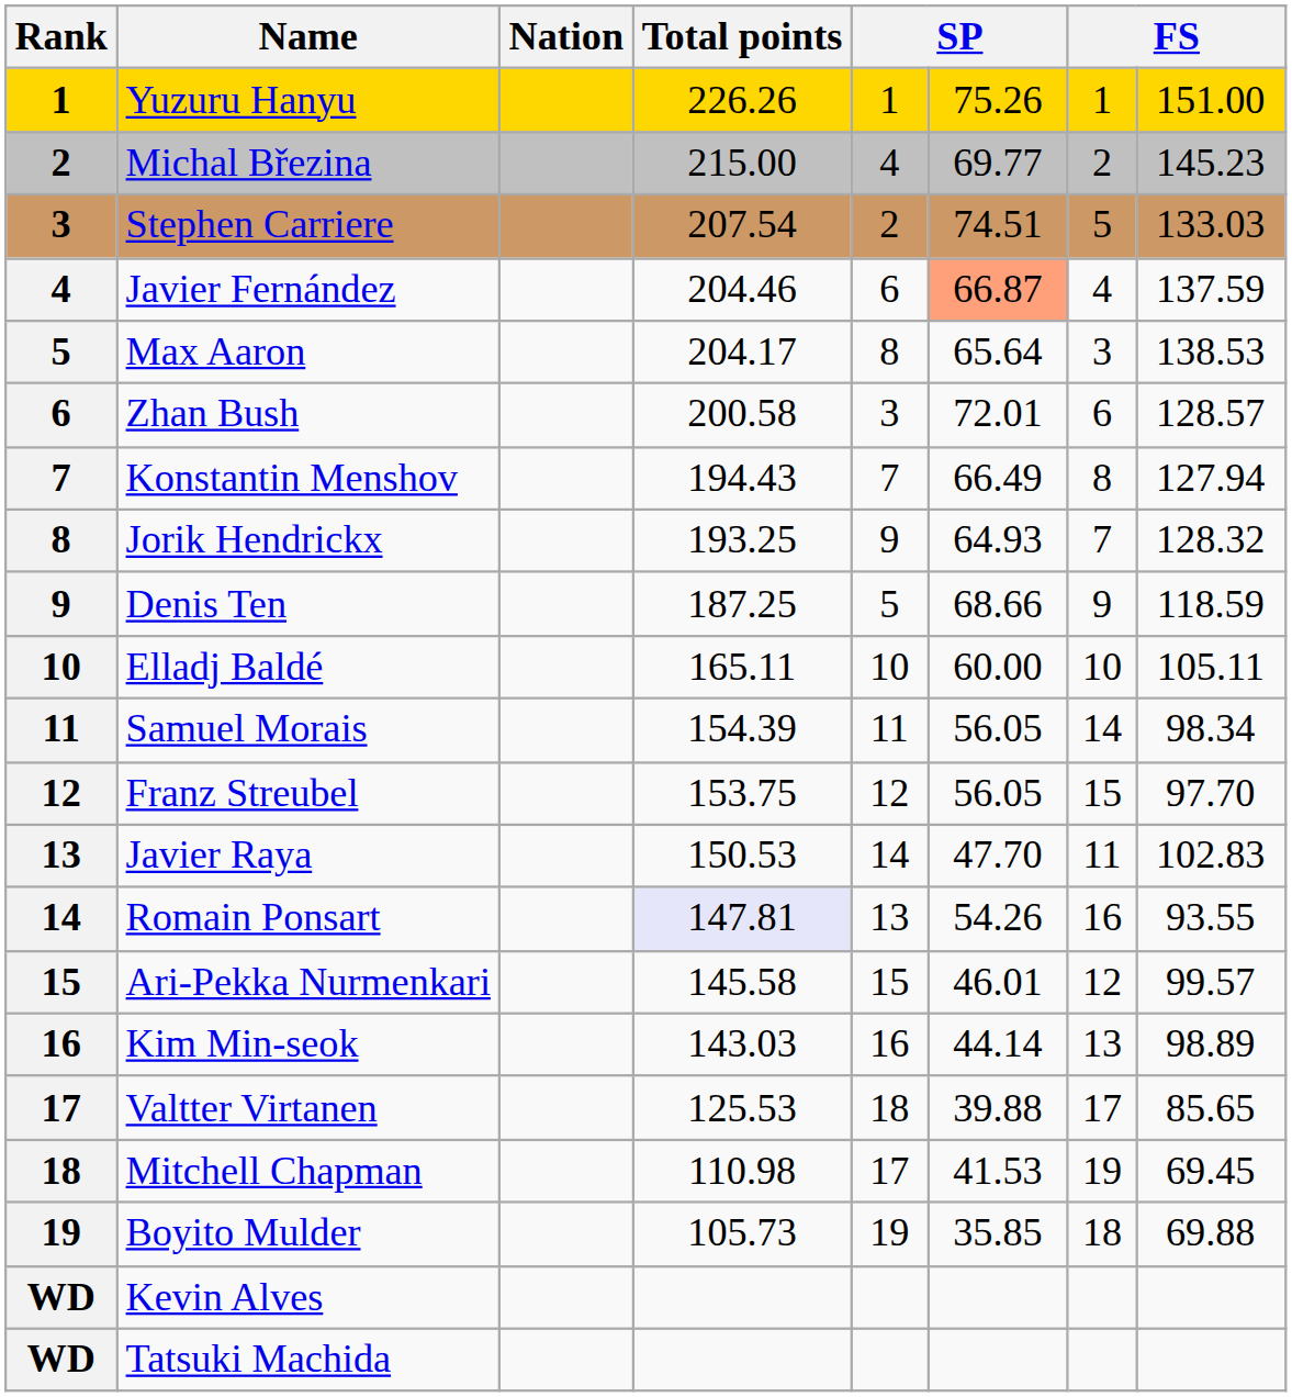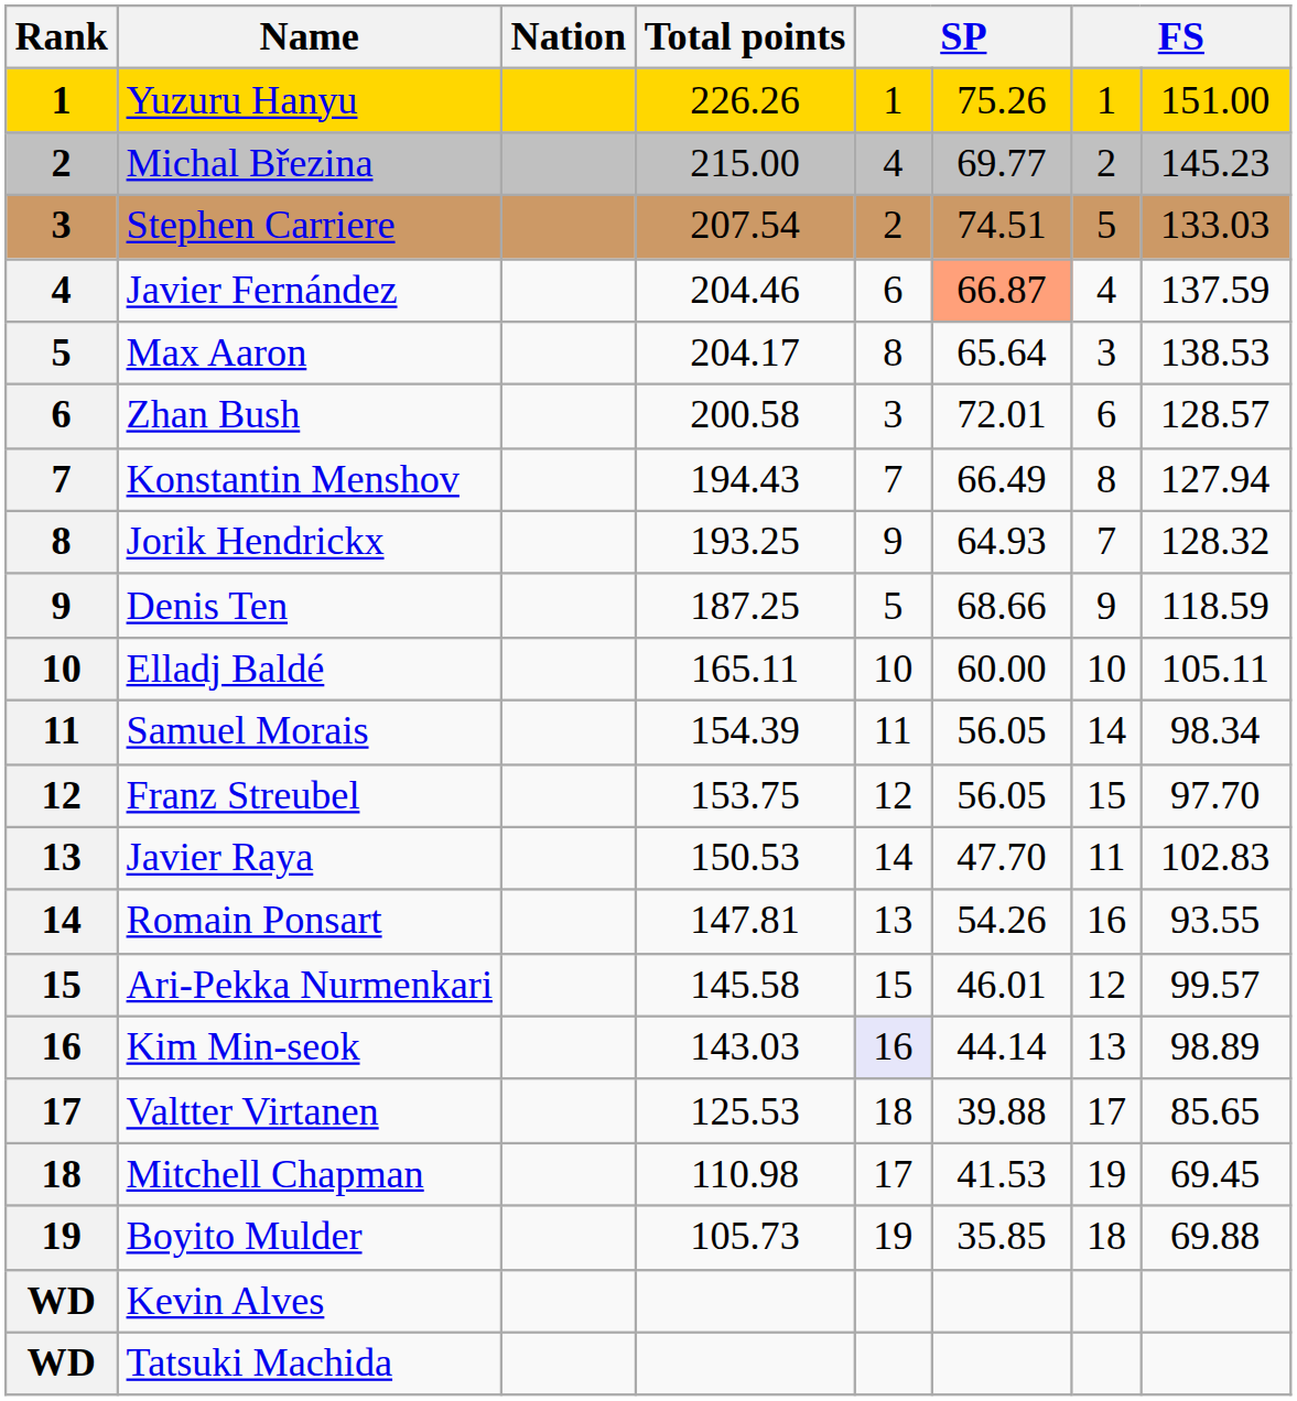 <table class="wikitable sortable">
 <tr>
 <th>Rank</th>
 <th>Name</th>
 <th>Nation</th>
 <th>Total points</th>
 <th colspan="2" width="80px"><a href='#'>SP</a></th>
 <th colspan="2" width="80px"><a href='#'>FS</a></th>
 </tr>
 <tr bgcolor="gold">
 <td align="center"><strong>1</strong></td>
 <td><a href='#'>Yuzuru Hanyu</a></td>
 <td></td>
 <td align="center">226.26</td>
 <td align="center">1</td>
 <td align="center">75.26</td>
 <td align="center">1</td>
 <td align="center">151.00</td>
 </tr>
 <tr bgcolor="silver">
 <td align="center"><strong>2</strong></td>
 <td><a href='#'>Michal Březina</a></td>
 <td></td>
 <td align="center">215.00</td>
 <td align="center">4</td>
 <td align="center">69.77</td>
 <td align="center">2</td>
 <td align="center">145.23</td>
 </tr>
 <tr bgcolor="cc9966">
 <td align="center"><strong>3</strong></td>
 <td><a href='#'>Stephen Carriere</a></td>
 <td></td>
 <td align="center">207.54</td>
 <td align="center">2</td>
 <td align="center">74.51</td>
 <td align="center">5</td>
 <td align="center">133.03</td>
 </tr>
 <tr>
 <th>4</th>
 <td><a href='#'>Javier Fernández</a></td>
 <td></td>
 <td align="center">204.46</td>
 <td align="center">6</td>
 <td align="center" style="background: lightsalmon;">66.87</td>
 <td align="center">4</td>
 <td align="center">137.59</td>
 </tr>
 <tr>
 <th>5</th>
 <td><a href='#'>Max Aaron</a></td>
 <td></td>
 <td align="center">204.17</td>
 <td align="center">8</td>
 <td align="center">65.64</td>
 <td align="center">3</td>
 <td align="center">138.53</td>
 </tr>
 <tr>
 <th>6</th>
 <td><a href='#'>Zhan Bush</a></td>
 <td></td>
 <td align="center">200.58</td>
 <td align="center">3</td>
 <td align="center">72.01</td>
 <td align="center">6</td>
 <td align="center">128.57</td>
 </tr>
 <tr>
 <th>7</th>
 <td><a href='#'>Konstantin Menshov</a></td>
 <td></td>
 <td align="center">194.43</td>
 <td align="center">7</td>
 <td align="center">66.49</td>
 <td align="center">8</td>
 <td align="center">127.94</td>
 </tr>
 <tr>
 <th>8</th>
 <td><a href='#'>Jorik Hendrickx</a></td>
 <td></td>
 <td align="center">193.25</td>
 <td align="center">9</td>
 <td align="center">64.93</td>
 <td align="center">7</td>
 <td align="center">128.32</td>
 </tr>
 <tr>
 <th>9</th>
 <td><a href='#'>Denis Ten</a></td>
 <td></td>
 <td align="center">187.25</td>
 <td align="center">5</td>
 <td align="center">68.66</td>
 <td align="center">9</td>
 <td align="center">118.59</td>
 </tr>
 <tr>
 <th>10</th>
 <td><a href='#'>Elladj Baldé</a></td>
 <td></td>
 <td align="center">165.11</td>
 <td align="center">10</td>
 <td align="center">60.00</td>
 <td align="center">10</td>
 <td align="center">105.11</td>
 </tr>
 <tr>
 <th>11</th>
 <td><a href='#'>Samuel Morais</a></td>
 <td></td>
 <td align="center">154.39</td>
 <td align="center">11</td>
 <td align="center">56.05</td>
 <td align="center">14</td>
 <td align="center">98.34</td>
 </tr>
 <tr>
 <th>12</th>
 <td><a href='#'>Franz Streubel</a></td>
 <td></td>
 <td align="center">153.75</td>
 <td align="center">12</td>
 <td align="center">56.05</td>
 <td align="center">15</td>
 <td align="center">97.70</td>
 </tr>
 <tr>
 <th>13</th>
 <td><a href='#'>Javier Raya</a></td>
 <td></td>
 <td align="center">150.53</td>
 <td align="center">14</td>
 <td align="center">47.70</td>
 <td align="center">11</td>
 <td align="center">102.83</td>
 </tr>
 <tr>
 <th>14</th>
 <td><a href='#'>Romain Ponsart</a></td>
 <td></td>
-<td align="center" style="background: lavender;">147.81</td>
+<td align="center">147.81</td>
 <td align="center">13</td>
 <td align="center">54.26</td>
 <td align="center">16</td>
 <td align="center">93.55</td>
 </tr>
 <tr>
 <th>15</th>
 <td><a href='#'>Ari-Pekka Nurmenkari</a></td>
 <td></td>
 <td align="center">145.58</td>
 <td align="center">15</td>
 <td align="center">46.01</td>
 <td align="center">12</td>
 <td align="center">99.57</td>
 </tr>
 <tr>
 <th>16</th>
 <td><a href='#'>Kim Min-seok</a></td>
 <td></td>
 <td align="center">143.03</td>
-<td align="center">16</td>
+<td align="center" style="background: lavender;">16</td>
 <td align="center">44.14</td>
 <td align="center">13</td>
 <td align="center">98.89</td>
 </tr>
 <tr>
 <th>17</th>
 <td><a href='#'>Valtter Virtanen</a></td>
 <td></td>
 <td align="center">125.53</td>
 <td align="center">18</td>
 <td align="center">39.88</td>
 <td align="center">17</td>
 <td align="center">85.65</td>
 </tr>
 <tr>
 <th>18</th>
 <td><a href='#'>Mitchell Chapman</a></td>
 <td></td>
 <td align="center">110.98</td>
 <td align="center">17</td>
 <td align="center">41.53</td>
 <td align="center">19</td>
 <td align="center">69.45</td>
 </tr>
 <tr>
 <th>19</th>
 <td><a href='#'>Boyito Mulder</a></td>
 <td></td>
 <td align="center">105.73</td>
 <td align="center">19</td>
 <td align="center">35.85</td>
 <td align="center">18</td>
 <td align="center">69.88</td>
 </tr>
 <tr>
 <th>WD</th>
 <td><a href='#'>Kevin Alves</a></td>
 <td></td>
 <td></td>
 <td></td>
 <td></td>
 <td></td>
 <td></td>
 </tr>
 <tr>
 <th>WD</th>
 <td><a href='#'>Tatsuki Machida</a></td>
 <td></td>
 <td></td>
 <td></td>
 <td></td>
 <td></td>
 <td></td>
 </tr>
 </table>
